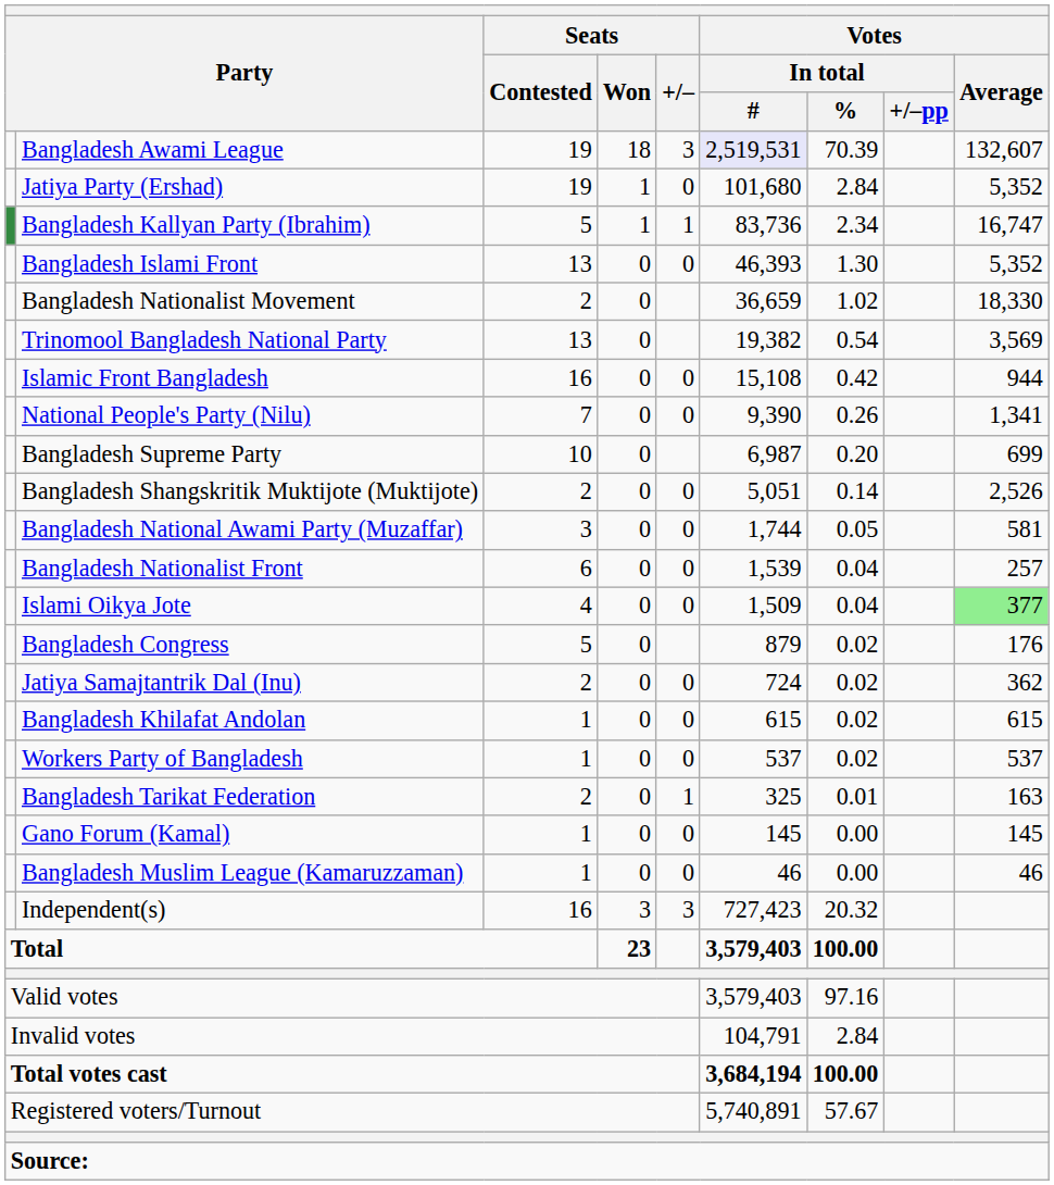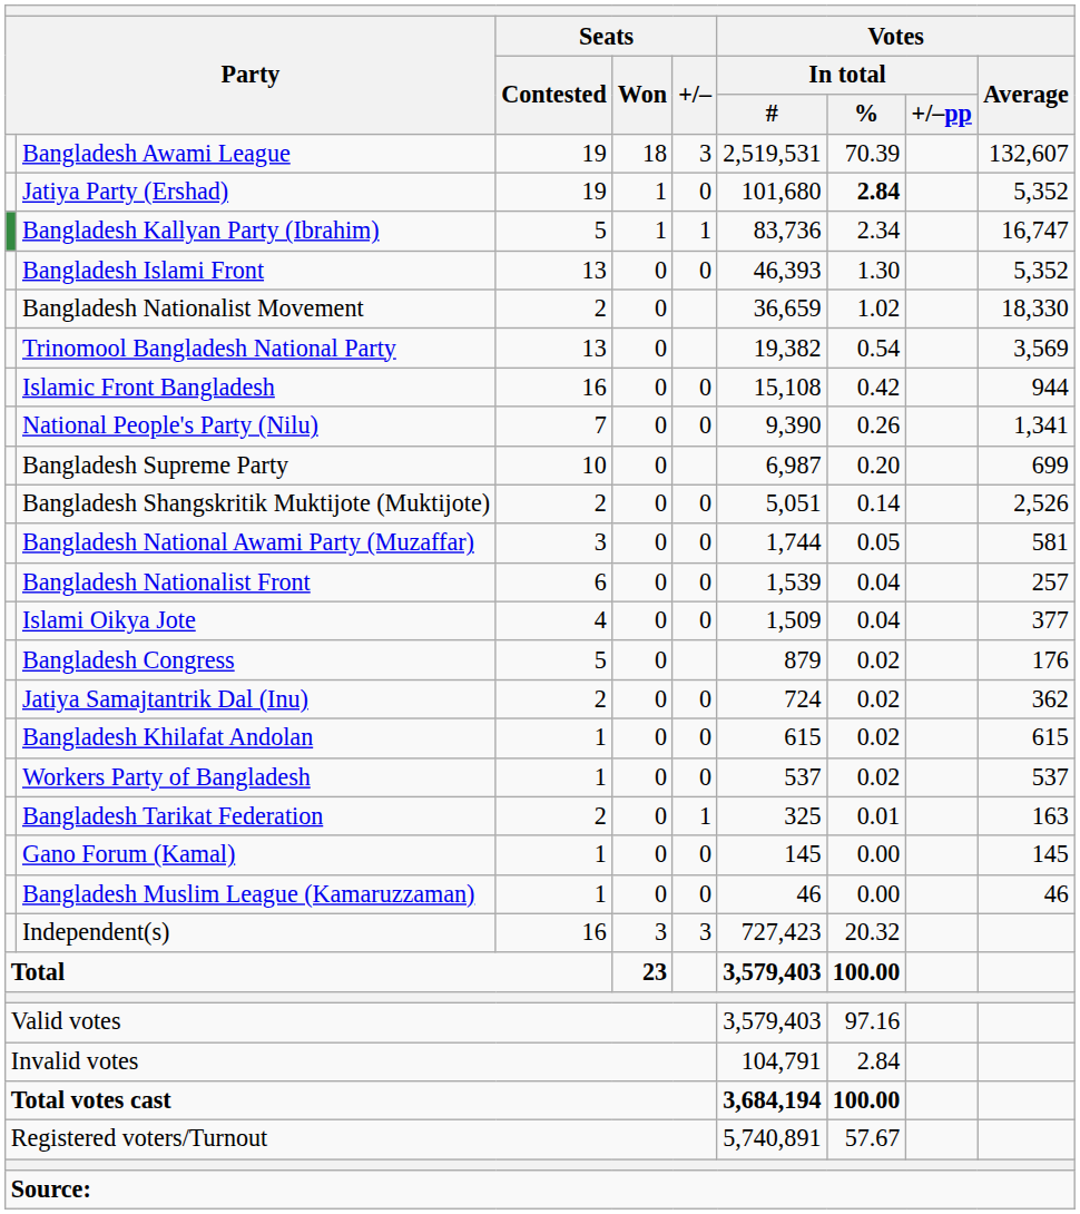 <table class="wikitable sortable">
 <tr>
 <th colspan="9"></th>
 </tr>
 <tr>
 <th colspan="2" rowspan="3">Party</th>
 <th colspan="3">Seats</th>
 <th colspan="4">Votes</th>
 </tr>
 <tr>
 <th rowspan="2">Contested</th>
 <th rowspan="2">Won</th>
 <th rowspan="2">+/–</th>
 <th colspan="3">In total</th>
 <th rowspan="2">Average</th>
 </tr>
 <tr>
 <th>#</th>
 <th>%</th>
 <th>+/–<a href='#'>pp</a></th>
 </tr>
 <tr>
 <td></td>
 <td><a href='#'>Bangladesh Awami League</a></td>
 <td style="text-align:right">19</td>
 <td style="text-align:right">18</td>
 <td style="text-align:right">3</td>
-<td style="background: lavender; text-align:right">2,519,531</td>
+<td style="text-align:right">2,519,531</td>
 <td style="text-align:right">70.39</td>
 <td style="text-align:right"></td>
 <td style="text-align:right">132,607</td>
 </tr>
 <tr>
 <td></td>
 <td><a href='#'>Jatiya Party (Ershad)</a></td>
 <td style="text-align:right">19</td>
 <td style="text-align:right">1</td>
 <td style="text-align:right">0</td>
 <td style="text-align:right">101,680</td>
-<td style="text-align:right">2.84</td>
+<td style="text-align:right"><strong>2.84</strong></td>
 <td style="text-align:right"></td>
 <td style="text-align:right">5,352</td>
 </tr>
 <tr>
 <td style="background:#338940"></td>
 <td><a href='#'>Bangladesh Kallyan Party (Ibrahim)</a></td>
 <td style="text-align:right">5</td>
 <td style="text-align:right">1</td>
 <td style="text-align:right">1</td>
 <td style="text-align:right">83,736</td>
 <td style="text-align:right">2.34</td>
 <td style="text-align:right"></td>
 <td style="text-align:right">16,747</td>
 </tr>
 <tr>
 <td></td>
 <td><a href='#'>Bangladesh Islami Front</a></td>
 <td style="text-align:right">13</td>
 <td style="text-align:right">0</td>
 <td style="text-align:right">0</td>
 <td style="text-align:right">46,393</td>
 <td style="text-align:right">1.30</td>
 <td style="text-align:right"></td>
 <td style="text-align:right">5,352</td>
 </tr>
 <tr>
 <td></td>
 <td>Bangladesh Nationalist Movement</td>
 <td style="text-align:right">2</td>
 <td style="text-align:right">0</td>
 <td style="text-align:right"></td>
 <td style="text-align:right">36,659</td>
 <td style="text-align:right">1.02</td>
 <td style="text-align:right"></td>
 <td style="text-align:right">18,330</td>
 </tr>
 <tr>
 <td></td>
 <td><a href='#'>Trinomool Bangladesh National Party</a></td>
 <td style="text-align:right">13</td>
 <td style="text-align:right">0</td>
 <td style="text-align:right"></td>
 <td style="text-align:right">19,382</td>
 <td style="text-align:right">0.54</td>
 <td style="text-align:right"></td>
 <td style="text-align:right">3,569</td>
 </tr>
 <tr>
 <td></td>
 <td><a href='#'>Islamic Front Bangladesh</a></td>
 <td style="text-align:right">16</td>
 <td style="text-align:right">0</td>
 <td style="text-align:right">0</td>
 <td style="text-align:right">15,108</td>
 <td style="text-align:right">0.42</td>
 <td style="text-align:right"></td>
 <td style="text-align:right">944</td>
 </tr>
 <tr>
 <td></td>
 <td><a href='#'>National People's Party (Nilu)</a></td>
 <td style="text-align:right">7</td>
 <td style="text-align:right">0</td>
 <td style="text-align:right">0</td>
 <td style="text-align:right">9,390</td>
 <td style="text-align:right">0.26</td>
 <td style="text-align:right"></td>
 <td style="text-align:right">1,341</td>
 </tr>
 <tr>
 <td></td>
 <td>Bangladesh Supreme Party</td>
 <td style="text-align:right">10</td>
 <td style="text-align:right">0</td>
 <td style="text-align:right"></td>
 <td style="text-align:right">6,987</td>
 <td style="text-align:right">0.20</td>
 <td style="text-align:right"></td>
 <td style="text-align:right">699</td>
 </tr>
 <tr>
 <td></td>
 <td>Bangladesh Shangskritik Muktijote (Muktijote)</td>
 <td style="text-align:right">2</td>
 <td style="text-align:right">0</td>
 <td style="text-align:right">0</td>
 <td style="text-align:right">5,051</td>
 <td style="text-align:right">0.14</td>
 <td style="text-align:right"></td>
 <td style="text-align:right">2,526</td>
 </tr>
 <tr>
 <td></td>
 <td><a href='#'>Bangladesh National Awami Party (Muzaffar)</a></td>
 <td style="text-align:right">3</td>
 <td style="text-align:right">0</td>
 <td style="text-align:right">0</td>
 <td style="text-align:right">1,744</td>
 <td style="text-align:right">0.05</td>
 <td style="text-align:right"></td>
 <td style="text-align:right">581</td>
 </tr>
 <tr>
 <td></td>
 <td><a href='#'>Bangladesh Nationalist Front</a></td>
 <td style="text-align:right">6</td>
 <td style="text-align:right">0</td>
 <td style="text-align:right">0</td>
 <td style="text-align:right">1,539</td>
 <td style="text-align:right">0.04</td>
 <td style="text-align:right"></td>
 <td style="text-align:right">257</td>
 </tr>
 <tr>
 <td></td>
 <td><a href='#'>Islami Oikya Jote</a></td>
 <td style="text-align:right">4</td>
 <td style="text-align:right">0</td>
 <td style="text-align:right">0</td>
 <td style="text-align:right">1,509</td>
 <td style="text-align:right">0.04</td>
 <td style="text-align:right"></td>
-<td style="background: lightgreen; text-align:right">377</td>
+<td style="text-align:right">377</td>
 </tr>
 <tr>
 <td></td>
 <td><a href='#'>Bangladesh Congress</a></td>
 <td style="text-align:right">5</td>
 <td style="text-align:right">0</td>
 <td style="text-align:right"></td>
 <td style="text-align:right">879</td>
 <td style="text-align:right">0.02</td>
 <td style="text-align:right"></td>
 <td style="text-align:right">176</td>
 </tr>
 <tr>
 <td></td>
 <td><a href='#'>Jatiya Samajtantrik Dal (Inu)</a></td>
 <td style="text-align:right">2</td>
 <td style="text-align:right">0</td>
 <td style="text-align:right">0</td>
 <td style="text-align:right">724</td>
 <td style="text-align:right">0.02</td>
 <td style="text-align:right"></td>
 <td style="text-align:right">362</td>
 </tr>
 <tr>
 <td></td>
 <td><a href='#'>Bangladesh Khilafat Andolan</a></td>
 <td style="text-align:right">1</td>
 <td style="text-align:right">0</td>
 <td style="text-align:right">0</td>
 <td style="text-align:right">615</td>
 <td style="text-align:right">0.02</td>
 <td style="text-align:right"></td>
 <td style="text-align:right">615</td>
 </tr>
 <tr>
 <td></td>
 <td><a href='#'>Workers Party of Bangladesh</a></td>
 <td style="text-align:right">1</td>
 <td style="text-align:right">0</td>
 <td style="text-align:right">0</td>
 <td style="text-align:right">537</td>
 <td style="text-align:right">0.02</td>
 <td style="text-align:right"></td>
 <td style="text-align:right">537</td>
 </tr>
 <tr>
 <td></td>
 <td><a href='#'>Bangladesh Tarikat Federation</a></td>
 <td style="text-align:right">2</td>
 <td style="text-align:right">0</td>
 <td style="text-align:right">1</td>
 <td style="text-align:right">325</td>
 <td style="text-align:right">0.01</td>
 <td style="text-align:right"></td>
 <td style="text-align:right">163</td>
 </tr>
 <tr>
 <td></td>
 <td><a href='#'>Gano Forum (Kamal)</a></td>
 <td style="text-align:right">1</td>
 <td style="text-align:right">0</td>
 <td style="text-align:right">0</td>
 <td style="text-align:right">145</td>
 <td style="text-align:right">0.00</td>
 <td style="text-align:right"></td>
 <td style="text-align:right">145</td>
 </tr>
 <tr>
 <td></td>
 <td><a href='#'>Bangladesh Muslim League (Kamaruzzaman)</a></td>
 <td style="text-align:right">1</td>
 <td style="text-align:right">0</td>
 <td style="text-align:right">0</td>
 <td style="text-align:right">46</td>
 <td style="text-align:right">0.00</td>
 <td style="text-align:right"></td>
 <td style="text-align:right">46</td>
 </tr>
 <tr>
 <td></td>
 <td>Independent(s)</td>
 <td style="text-align:right">16</td>
 <td style="text-align:right">3</td>
 <td style="text-align:right">3</td>
 <td style="text-align:right">727,423</td>
 <td style="text-align:right">20.32</td>
 <td style="text-align:right"></td>
 <td style="text-align:right"></td>
 </tr>
 <tr>
 <td colspan="3"><strong>Total</strong></td>
 <td style="text-align:right"><strong>23</strong></td>
 <td style="text-align:right"></td>
 <td style="text-align:right"><strong>3,579,403</strong></td>
 <td style="text-align:right"><strong>100.00</strong></td>
 <td style="text-align:right"></td>
 <td style="text-align:right"></td>
 </tr>
 <tr>
 <th colspan="9"></th>
 </tr>
 <tr>
 <td colspan="5">Valid votes</td>
 <td style="text-align:right">3,579,403</td>
 <td style="text-align:right">97.16</td>
 <td></td>
 <td></td>
 </tr>
 <tr>
 <td colspan="5">Invalid votes</td>
 <td style="text-align:right">104,791</td>
 <td style="text-align:right">2.84</td>
 <td></td>
 <td></td>
 </tr>
 <tr>
 <td colspan="5"><strong>Total votes cast</strong></td>
 <td style="text-align:right"><strong>3,684,194</strong></td>
 <td style="text-align:right"><strong>100.00</strong></td>
 <td></td>
 <td></td>
 </tr>
 <tr>
 <td colspan="5">Registered voters/Turnout</td>
 <td style="text-align:right">5,740,891</td>
 <td style="text-align:right">57.67</td>
 <td></td>
 <td></td>
 </tr>
 <tr>
 <th colspan="9"></th>
 </tr>
 <tr>
 <td colspan="9"><strong>Source:</strong> </td>
 </tr>
 </table>
